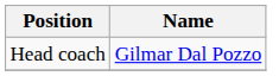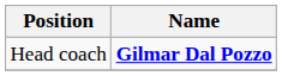 <table class="wikitable">
 <tr>
 <th>Position</th>
 <th>Name</th>
 </tr>
 <tr>
 <td>Head coach</td>
-<td> <a href='#'>Gilmar Dal Pozzo</a></td>
+<td><strong> <a href='#'>Gilmar Dal Pozzo</a></strong></td>
 </tr>
 <tr>
 </tr>
 </table>
